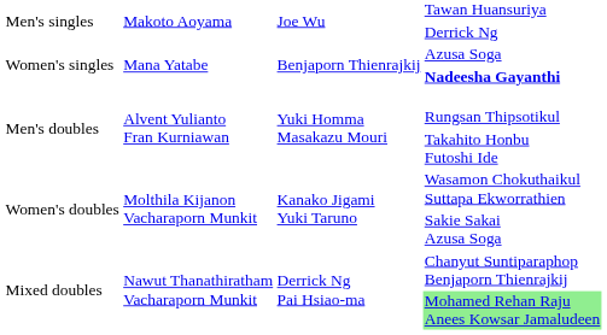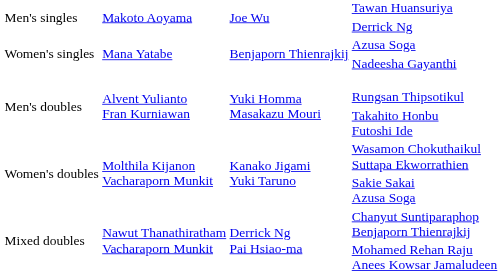 <table>
 <tr>
 <td rowspan="2">Men's singles</td>
 <td rowspan="2"> <a href='#'>Makoto Aoyama</a></td>
 <td rowspan="2"> <a href='#'>Joe Wu</a></td>
 <td> <a href='#'>Tawan Huansuriya</a></td>
 </tr>
 <tr>
 <td> <a href='#'>Derrick Ng</a></td>
 </tr>
 <tr>
 <td rowspan="2">Women's singles</td>
 <td rowspan="2"> <a href='#'>Mana Yatabe</a></td>
 <td rowspan="2"> <a href='#'>Benjaporn Thienrajkij</a></td>
 <td> <a href='#'>Azusa Soga</a></td>
 </tr>
 <tr>
-<td><strong> <a href='#'>Nadeesha Gayanthi</a></strong></td>
+<td> <a href='#'>Nadeesha Gayanthi</a></td>
 </tr>
 <tr>
 <td rowspan="2">Men's doubles</td>
 <td rowspan="2"> <a href='#'>Alvent Yulianto</a><br> <a href='#'>Fran Kurniawan</a></td>
 <td rowspan="2"> <a href='#'>Yuki Homma</a><br> <a href='#'>Masakazu Mouri</a></td>
 <td><br> <a href='#'>Rungsan Thipsotikul</a></td>
 </tr>
 <tr>
 <td> <a href='#'>Takahito Honbu</a><br> <a href='#'>Futoshi Ide</a></td>
 </tr>
 <tr>
 <td rowspan="2">Women's doubles</td>
 <td rowspan="2"> <a href='#'>Molthila Kijanon</a><br> <a href='#'>Vacharaporn Munkit</a></td>
 <td rowspan="2"> <a href='#'>Kanako Jigami</a><br> <a href='#'>Yuki Taruno</a></td>
 <td> <a href='#'>Wasamon Chokuthaikul</a><br> <a href='#'>Suttapa Ekworrathien</a></td>
 </tr>
 <tr>
 <td> <a href='#'>Sakie Sakai</a><br> <a href='#'>Azusa Soga</a></td>
 </tr>
 <tr>
 <td rowspan="2">Mixed doubles</td>
 <td rowspan="2"> <a href='#'>Nawut Thanathiratham</a><br> <a href='#'>Vacharaporn Munkit</a></td>
 <td rowspan="2"> <a href='#'>Derrick Ng</a><br> <a href='#'>Pai Hsiao-ma</a></td>
 <td> <a href='#'>Chanyut Suntiparaphop</a><br> <a href='#'>Benjaporn Thienrajkij</a></td>
 </tr>
 <tr>
-<td style="background: lightgreen;"> <a href='#'>Mohamed Rehan Raju</a><br> <a href='#'>Anees Kowsar Jamaludeen</a></td>
+<td> <a href='#'>Mohamed Rehan Raju</a><br> <a href='#'>Anees Kowsar Jamaludeen</a></td>
 </tr>
 </table>
